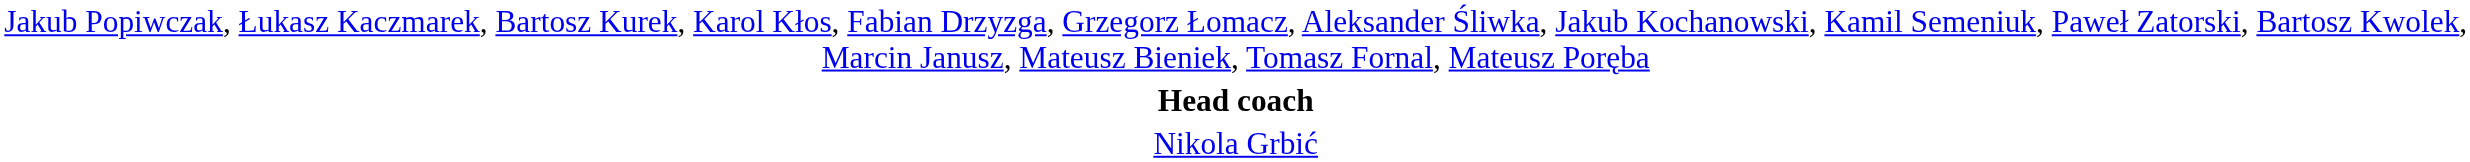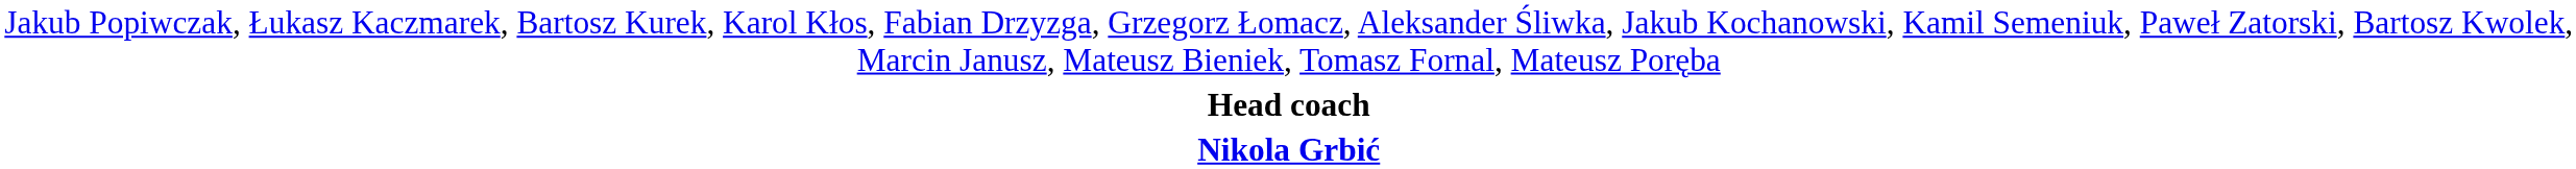 <table style="text-align: center; margin-top: 2em; margin-left: a8uto; margin-right: auto">
 <tr>
 <td><a href='#'>Jakub Popiwczak</a>, <a href='#'>Łukasz Kaczmarek</a>, <a href='#'>Bartosz Kurek</a>, <a href='#'>Karol Kłos</a>, <a href='#'>Fabian Drzyzga</a>, <a href='#'>Grzegorz Łomacz</a>, <a href='#'>Aleksander Śliwka</a>, <a href='#'>Jakub Kochanowski</a>, <a href='#'>Kamil Semeniuk</a>, <a href='#'>Paweł Zatorski</a>, <a href='#'>Bartosz Kwolek</a>, <a href='#'>Marcin Janusz</a>, <a href='#'>Mateusz Bieniek</a>, <a href='#'>Tomasz Fornal</a>, <a href='#'>Mateusz Poręba</a></td>
 </tr>
 <tr>
 <td><strong>Head coach</strong></td>
 </tr>
 <tr>
-<td><a href='#'>Nikola Grbić</a></td>
+<td><strong><a href='#'>Nikola Grbić</a></strong></td>
 </tr>
 </table>
